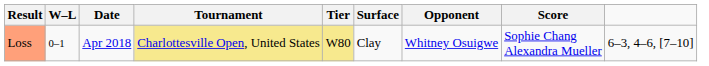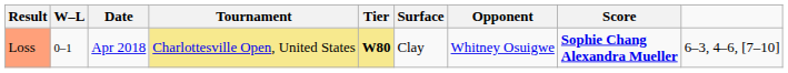 <table class="wikitable" style=font-size:97%>
 <tr>
 <th>Result</th>
 <th>W–L</th>
 <th>Date</th>
 <th>Tournament</th>
 <th>Tier</th>
 <th>Surface</th>
 <th>Opponent</th>
 <th>Score</th>
 </tr>
 <tr>
 <td bgcolor="FFA07A">Loss</td>
 <td><small>0–1</small></td>
 <td><a href='#'>Apr 2018</a></td>
 <td style="background:#f7e98e;"><a href='#'>Charlottesville Open</a>, United States</td>
-<td style="background:#f7e98e;">W80</td>
+<td style="background:#f7e98e;"><strong>W80</strong></td>
 <td>Clay</td>
 <td> <a href='#'>Whitney Osuigwe</a></td>
-<td> <a href='#'>Sophie Chang</a> <br>  <a href='#'>Alexandra Mueller</a></td>
+<td><strong> <a href='#'>Sophie Chang</a> <br>  <a href='#'>Alexandra Mueller</a></strong></td>
 <td>6–3, 4–6, [7–10]</td>
 </tr>
 </table>
